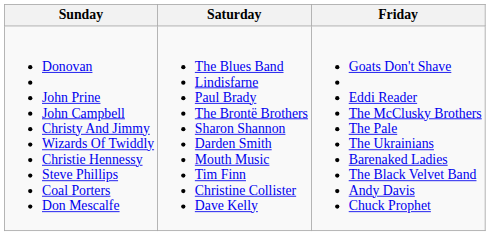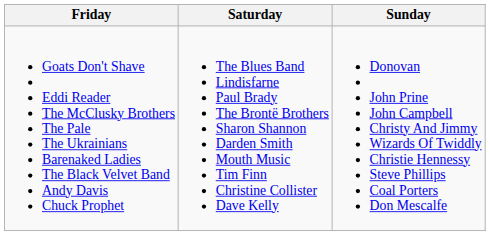 <table class="wikitable">
 <tr>
+<th>Friday</th>
+<th>Saturday</th>
 <th>Sunday</th>
-<th>Saturday</th>
-<th>Friday</th>
 </tr>
 <tr valign="top">
+<td><br><ul><li><a href='#'>Goats Don't Shave</a></li><li></li><li><a href='#'>Eddi Reader</a></li><li><a href='#'>The McClusky Brothers</a></li><li><a href='#'>The Pale</a></li><li><a href='#'>The Ukrainians</a></li><li><a href='#'>Barenaked Ladies</a></li><li><a href='#'>The Black Velvet Band</a></li><li><a href='#'>Andy Davis</a></li><li><a href='#'>Chuck Prophet</a></li></ul></td>
+<td><br><ul><li><a href='#'>The Blues Band</a></li><li><a href='#'>Lindisfarne</a></li><li><a href='#'>Paul Brady</a></li><li><a href='#'>The Brontë Brothers</a></li><li><a href='#'>Sharon Shannon</a></li><li><a href='#'>Darden Smith</a></li><li><a href='#'>Mouth Music</a></li><li><a href='#'>Tim Finn</a></li><li><a href='#'>Christine Collister</a></li><li><a href='#'>Dave Kelly</a></li></ul></td>
 <td><br><ul><li><a href='#'>Donovan</a></li><li></li><li><a href='#'>John Prine</a></li><li><a href='#'>John Campbell</a></li><li><a href='#'>Christy And Jimmy</a></li><li><a href='#'>Wizards Of Twiddly</a></li><li><a href='#'>Christie Hennessy</a></li><li><a href='#'>Steve Phillips</a></li><li><a href='#'>Coal Porters</a></li><li><a href='#'>Don Mescalfe</a></li></ul></td>
-<td><br><ul><li><a href='#'>The Blues Band</a></li><li><a href='#'>Lindisfarne</a></li><li><a href='#'>Paul Brady</a></li><li><a href='#'>The Brontë Brothers</a></li><li><a href='#'>Sharon Shannon</a></li><li><a href='#'>Darden Smith</a></li><li><a href='#'>Mouth Music</a></li><li><a href='#'>Tim Finn</a></li><li><a href='#'>Christine Collister</a></li><li><a href='#'>Dave Kelly</a></li></ul></td>
-<td><br><ul><li><a href='#'>Goats Don't Shave</a></li><li></li><li><a href='#'>Eddi Reader</a></li><li><a href='#'>The McClusky Brothers</a></li><li><a href='#'>The Pale</a></li><li><a href='#'>The Ukrainians</a></li><li><a href='#'>Barenaked Ladies</a></li><li><a href='#'>The Black Velvet Band</a></li><li><a href='#'>Andy Davis</a></li><li><a href='#'>Chuck Prophet</a></li></ul></td>
 </tr>
 </table>
